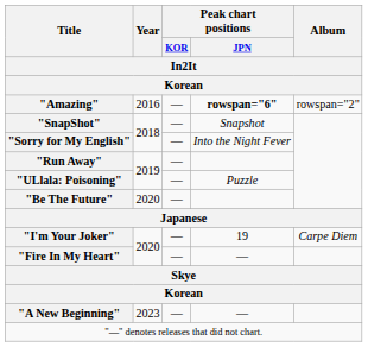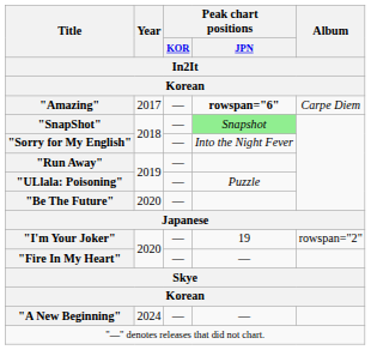 <table class="wikitable plainrowheaders" style="text-align:center;">
 <tr>
 <th scope="col" rowspan="2">Title</th>
 <th scope="col" rowspan="2">Year</th>
 <th scope="col" colspan="2">Peak chart <br> positions</th>
 <th scope="col" rowspan="2">Album</th>
 </tr>
 <tr>
 <th><small><a href='#'>KOR</a></small><br></th>
 <th><small><a href='#'>JPN</a></small><br></th>
 </tr>
 <tr>
 <th colspan="5">In2It</th>
 </tr>
 <tr>
 <th colspan="5">Korean</th>
 </tr>
 <tr>
 <th scope="row">"Amazing"</th>
-<td>2016</td>
+<td>2017</td>
 <td>—</td>
 <td><strong>rowspan="6" </strong></td>
-<td>rowspan="2" </td>
+<td><em>Carpe Diem</em></td>
 </tr>
 <tr>
 <th scope="row">"SnapShot"</th>
 <td rowspan="2">2018</td>
 <td>—</td>
-<td><em>Snapshot</em></td>
+<td style="background: lightgreen;"><em>Snapshot</em></td>
 </tr>
 <tr>
 <th scope="row">"Sorry for My English"</th>
 <td>—</td>
 <td><em>Into the Night Fever</em></td>
 </tr>
 <tr>
 <th scope="row">"Run Away"</th>
 <td rowspan="2">2019</td>
 <td>—</td>
 <td></td>
 </tr>
 <tr>
 <th scope="row">"ULlala: Poisoning"</th>
 <td>—</td>
 <td><em>Puzzle</em></td>
 </tr>
 <tr>
 <th scope="row">"Be The Future" <br></th>
 <td>2020</td>
 <td>—</td>
 <td></td>
 </tr>
 <tr>
 <th colspan="5">Japanese</th>
 </tr>
 <tr>
 <th scope="row">"I'm Your Joker"</th>
 <td rowspan="2">2020</td>
 <td>—</td>
 <td>19</td>
-<td><em>Carpe Diem</em></td>
+<td>rowspan="2" </td>
 </tr>
 <tr>
 <th scope="row">"Fire In My Heart"</th>
 <td>—</td>
 <td>—</td>
 </tr>
 <tr>
 <th colspan="5">Skye</th>
 </tr>
 <tr>
 <th colspan="5">Korean</th>
 </tr>
 <tr>
 <th scope="row">"A New Beginning"</th>
-<td>2023</td>
+<td>2024</td>
 <td>—</td>
 <td>—</td>
 <td></td>
 </tr>
 <tr>
 <td colspan="5" align="center"><small>"—" denotes releases that did not chart.</small></td>
 </tr>
 </table>
